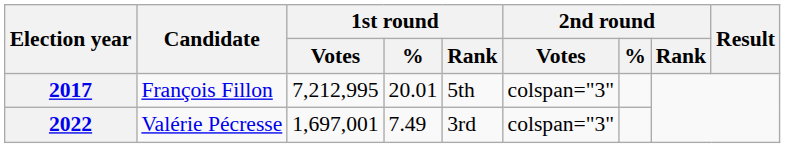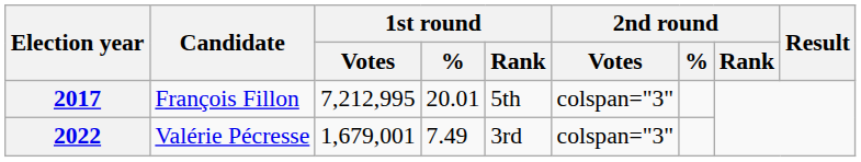 <table class="wikitable">
 <tr>
 <th rowspan="2">Election year</th>
 <th rowspan="2">Candidate</th>
 <th colspan="3">1st round</th>
 <th colspan="3">2nd round</th>
 <th rowspan="2">Result</th>
 </tr>
 <tr>
 <th>Votes</th>
 <th>%</th>
 <th>Rank</th>
 <th>Votes</th>
 <th>%</th>
 <th>Rank</th>
 </tr>
 <tr>
 <th><a href='#'>2017</a></th>
 <td><a href='#'>François Fillon</a></td>
 <td>7,212,995</td>
 <td>20.01</td>
 <td> 5th</td>
 <td>colspan="3" </td>
 <td></td>
 </tr>
 <tr>
 <th><a href='#'>2022</a></th>
 <td><a href='#'>Valérie Pécresse</a></td>
-<td>1,697,001</td>
+<td>1,679,001</td>
 <td>7.49</td>
 <td> 3rd</td>
 <td>colspan="3" </td>
 <td></td>
 </tr>
 </table>
